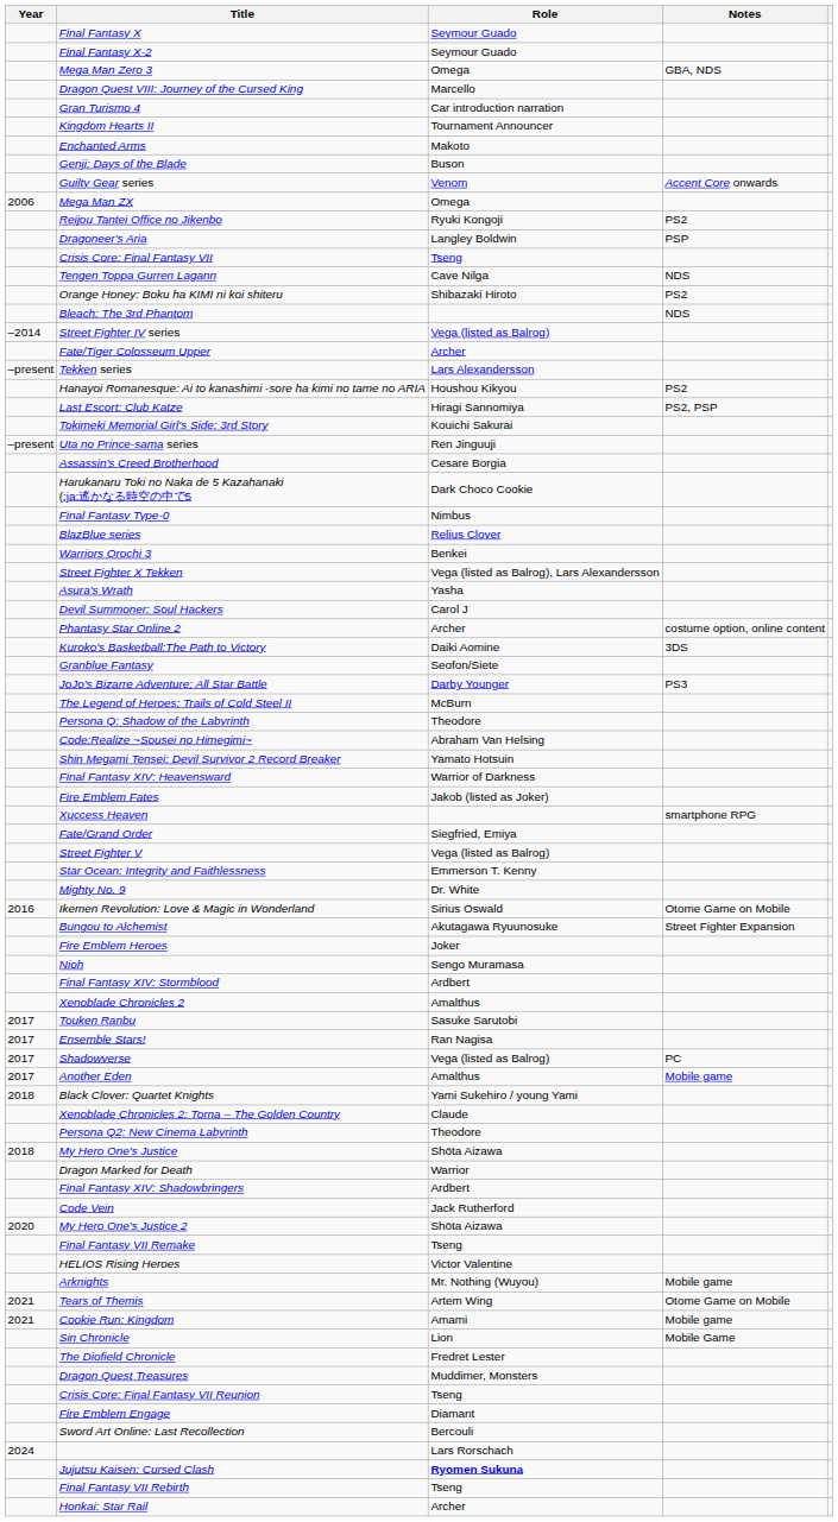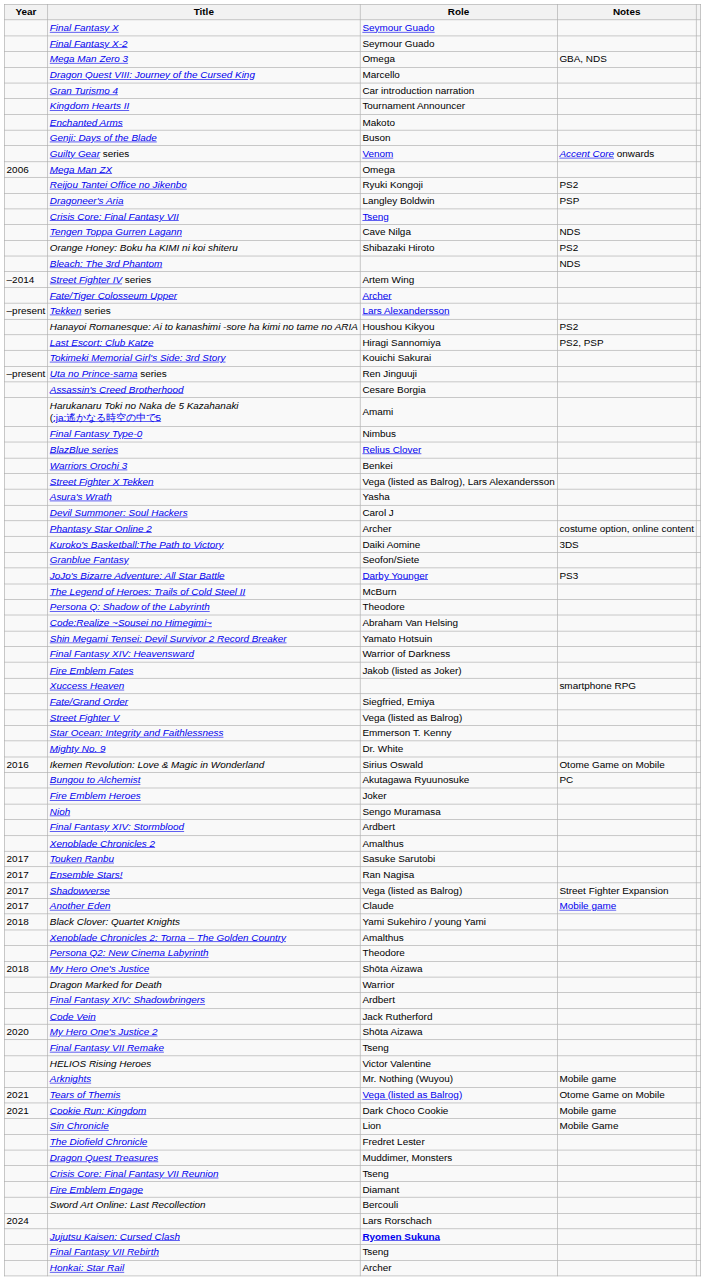 <table class="wikitable sortable plainrowheaders">
 <tr>
 <th>Year</th>
 <th>Title</th>
 <th>Role</th>
 <th class="unsortable">Notes</th>
 <th class="unsortable"><br></th>
 </tr>
 <tr>
 <td></td>
 <td><em><a href='#'>Final Fantasy X</a></em></td>
 <td><a href='#'>Seymour Guado</a> </td>
 <td></td>
 <td></td>
 </tr>
 <tr>
 <td></td>
 <td><em><a href='#'>Final Fantasy X-2</a></em></td>
 <td>Seymour Guado</td>
 <td></td>
 <td></td>
 </tr>
 <tr>
 <td></td>
 <td><em><a href='#'>Mega Man Zero 3</a></em></td>
 <td>Omega</td>
 <td>GBA, NDS</td>
 <td></td>
 </tr>
 <tr>
 <td></td>
 <td><em><a href='#'>Dragon Quest VIII: Journey of the Cursed King</a></em></td>
 <td>Marcello</td>
 <td></td>
 <td></td>
 </tr>
 <tr>
 <td></td>
 <td><em><a href='#'>Gran Turismo 4</a></em></td>
 <td>Car introduction narration</td>
 <td></td>
 <td></td>
 </tr>
 <tr>
 <td></td>
 <td><em><a href='#'>Kingdom Hearts II</a></em></td>
 <td>Tournament Announcer</td>
 <td></td>
 <td></td>
 </tr>
 <tr>
 <td></td>
 <td><em><a href='#'>Enchanted Arms</a></em></td>
 <td>Makoto</td>
 <td></td>
 <td></td>
 </tr>
 <tr>
 <td></td>
 <td><em><a href='#'>Genji: Days of the Blade</a></em></td>
 <td>Buson</td>
 <td></td>
 <td></td>
 </tr>
 <tr>
 <td></td>
 <td><em><a href='#'>Guilty Gear</a></em> series</td>
 <td><a href='#'>Venom</a></td>
 <td><em><a href='#'>Accent Core</a></em> onwards</td>
 <td></td>
 </tr>
 <tr>
 <td>2006</td>
 <td><em><a href='#'>Mega Man ZX</a></em></td>
 <td>Omega</td>
 <td></td>
 <td></td>
 </tr>
 <tr>
 <td></td>
 <td><em><a href='#'>Reijou Tantei Office no Jikenbo</a></em></td>
 <td>Ryuki Kongoji</td>
 <td>PS2</td>
 <td></td>
 </tr>
 <tr>
 <td></td>
 <td><em><a href='#'>Dragoneer's Aria</a></em></td>
 <td>Langley Boldwin</td>
 <td>PSP</td>
 <td></td>
 </tr>
 <tr>
 <td></td>
 <td><em><a href='#'>Crisis Core: Final Fantasy VII</a></em></td>
 <td><a href='#'>Tseng</a></td>
 <td></td>
 <td></td>
 </tr>
 <tr>
 <td></td>
 <td><em><a href='#'>Tengen Toppa Gurren Lagann</a></em></td>
 <td>Cave Nilga</td>
 <td>NDS</td>
 </tr>
 <tr>
 <td></td>
 <td><em>Orange Honey: Boku ha KIMI ni koi shiteru</em></td>
 <td>Shibazaki Hiroto</td>
 <td>PS2</td>
 <td></td>
 </tr>
 <tr>
 <td></td>
 <td><em><a href='#'>Bleach: The 3rd Phantom</a></em></td>
 <td></td>
 <td>NDS</td>
 <td></td>
 </tr>
 <tr>
 <td>–2014</td>
 <td><em><a href='#'>Street Fighter IV</a></em> series</td>
-<td><a href='#'>Vega (listed as Balrog)</a></td>
+<td>Artem Wing</td>
 <td></td>
 <td></td>
 </tr>
 <tr>
 <td></td>
 <td><em><a href='#'>Fate/Tiger Colosseum Upper</a></em></td>
 <td><a href='#'>Archer</a></td>
 <td></td>
 <td></td>
 </tr>
 <tr>
 <td>–present</td>
 <td><em><a href='#'>Tekken</a></em> series</td>
 <td><a href='#'>Lars Alexandersson</a></td>
 <td></td>
 <td></td>
 </tr>
 <tr>
 <td></td>
 <td><em>Hanayoi Romanesque: Ai to kanashimi -sore ha kimi no tame no ARIA</em></td>
 <td>Houshou Kikyou</td>
 <td>PS2</td>
 <td></td>
 </tr>
 <tr>
 <td></td>
 <td><em><a href='#'>Last Escort: Club Katze</a></em></td>
 <td>Hiragi Sannomiya</td>
 <td>PS2, PSP</td>
 <td></td>
 </tr>
 <tr>
 <td></td>
 <td><em><a href='#'>Tokimeki Memorial Girl's Side: 3rd Story</a></em></td>
 <td>Kouichi Sakurai</td>
 <td></td>
 <td></td>
 </tr>
 <tr>
 <td>–present</td>
 <td><em><a href='#'>Uta no Prince-sama</a></em> series</td>
 <td>Ren Jinguuji</td>
 <td></td>
 <td></td>
 </tr>
 <tr>
 <td></td>
 <td><em><a href='#'>Assassin's Creed Brotherhood</a></em></td>
 <td>Cesare Borgia</td>
 <td></td>
 <td></td>
 </tr>
 <tr>
 <td></td>
 <td><em>Harukanaru Toki no Naka de 5 Kazahanaki</em><br>(<a href='#'>:ja:遙かなる時空の中で5</a></td>
-<td>Dark Choco Cookie</td>
+<td>Amami</td>
 <td></td>
 <td></td>
 </tr>
 <tr>
 <td></td>
 <td><em><a href='#'>Final Fantasy Type-0</a></em></td>
 <td>Nimbus</td>
 <td></td>
 <td></td>
 </tr>
 <tr>
 <td></td>
 <td><em><a href='#'>BlazBlue series</a></em></td>
 <td><a href='#'>Relius Clover</a></td>
 <td></td>
 <td></td>
 </tr>
 <tr>
 <td></td>
 <td><em><a href='#'>Warriors Orochi 3</a></em></td>
 <td>Benkei</td>
 <td></td>
 <td></td>
 </tr>
 <tr>
 <td></td>
 <td><em><a href='#'>Street Fighter X Tekken</a></em></td>
 <td>Vega (listed as Balrog), Lars Alexandersson</td>
 <td></td>
 <td></td>
 </tr>
 <tr>
 <td></td>
 <td><em><a href='#'>Asura's Wrath</a></em></td>
 <td>Yasha</td>
 <td></td>
 <td></td>
 </tr>
 <tr>
 <td></td>
 <td><em><a href='#'>Devil Summoner: Soul Hackers</a></em></td>
 <td>Carol J</td>
 <td></td>
 <td><br></td>
 </tr>
 <tr>
 <td></td>
 <td><em><a href='#'>Phantasy Star Online 2</a></em></td>
 <td>Archer</td>
 <td>costume option, online content</td>
 <td></td>
 </tr>
 <tr>
 <td></td>
 <td><em><a href='#'>Kuroko's Basketball:The Path to Victory</a></em></td>
 <td>Daiki Aomine</td>
 <td>3DS</td>
 <td></td>
 </tr>
 <tr>
 <td></td>
 <td><em><a href='#'>Granblue Fantasy</a></em></td>
 <td>Seofon/Siete</td>
 <td></td>
 <td></td>
 </tr>
 <tr>
 <td></td>
 <td><em><a href='#'>JoJo's Bizarre Adventure: All Star Battle</a></em></td>
 <td><a href='#'>Darby Younger</a></td>
 <td>PS3</td>
 <td></td>
 </tr>
 <tr>
 <td></td>
 <td><em><a href='#'>The Legend of Heroes: Trails of Cold Steel II</a></em></td>
 <td>McBurn</td>
 <td></td>
 <td></td>
 </tr>
 <tr>
 <td></td>
 <td><em><a href='#'>Persona Q: Shadow of the Labyrinth</a></em></td>
 <td>Theodore</td>
 <td></td>
 <td></td>
 </tr>
 <tr>
 <td></td>
 <td><em><a href='#'>Code:Realize ~Sousei no Himegimi~</a></em></td>
 <td>Abraham Van Helsing</td>
 <td></td>
 <td></td>
 </tr>
 <tr>
 <td></td>
 <td><em><a href='#'>Shin Megami Tensei: Devil Survivor 2 Record Breaker</a></em></td>
 <td>Yamato Hotsuin</td>
 <td></td>
 <td></td>
 </tr>
 <tr>
 <td></td>
 <td><em><a href='#'>Final Fantasy XIV: Heavensward</a></em></td>
 <td>Warrior of Darkness</td>
 <td></td>
 <td></td>
 </tr>
 <tr>
 <td></td>
 <td><em><a href='#'>Fire Emblem Fates</a></em></td>
 <td>Jakob (listed as Joker)</td>
 <td></td>
 <td></td>
 </tr>
 <tr>
 <td></td>
 <td><em><a href='#'>Xuccess Heaven</a></em></td>
 <td></td>
 <td>smartphone RPG</td>
 <td></td>
 </tr>
 <tr>
 <td></td>
 <td><em><a href='#'>Fate/Grand Order</a></em></td>
 <td>Siegfried, Emiya</td>
 <td></td>
 <td></td>
 </tr>
 <tr>
 <td></td>
 <td><em><a href='#'>Street Fighter V</a></em></td>
 <td>Vega (listed as Balrog)</td>
 <td></td>
 <td></td>
 </tr>
 <tr>
 <td></td>
 <td><em><a href='#'>Star Ocean: Integrity and Faithlessness</a></em></td>
 <td>Emmerson T. Kenny</td>
 <td></td>
 <td></td>
 </tr>
 <tr>
 <td></td>
 <td><em><a href='#'>Mighty No. 9</a></em></td>
 <td>Dr. White</td>
 <td></td>
 <td></td>
 </tr>
 <tr>
 <td>2016</td>
 <td><em>Ikemen Revolution: Love & Magic in Wonderland</em></td>
 <td>Sirius Oswald</td>
 <td>Otome Game on Mobile</td>
 <td></td>
 </tr>
 <tr>
 <td></td>
 <td><em><a href='#'>Bungou to Alchemist</a></em></td>
 <td>Akutagawa Ryuunosuke</td>
-<td>Street Fighter Expansion</td>
+<td>PC</td>
 <td></td>
 </tr>
 <tr>
 <td></td>
 <td><em><a href='#'>Fire Emblem Heroes</a></em></td>
 <td>Joker</td>
 <td></td>
 <td></td>
 </tr>
 <tr>
 <td></td>
 <td><em><a href='#'>Nioh</a></em></td>
 <td>Sengo Muramasa</td>
 <td></td>
 <td></td>
 </tr>
 <tr>
 <td></td>
 <td><em><a href='#'>Final Fantasy XIV: Stormblood</a></em></td>
 <td>Ardbert</td>
 <td></td>
 <td></td>
 </tr>
 <tr>
 <td></td>
 <td><em><a href='#'>Xenoblade Chronicles 2</a></em></td>
 <td>Amalthus</td>
 <td></td>
 <td></td>
 </tr>
 <tr>
 <td>2017</td>
 <td><em><a href='#'>Touken Ranbu</a></em></td>
 <td>Sasuke Sarutobi</td>
 <td></td>
 <td></td>
 </tr>
 <tr>
 <td>2017</td>
 <td><em><a href='#'>Ensemble Stars!</a></em></td>
 <td>Ran Nagisa</td>
 <td></td>
 <td></td>
 </tr>
 <tr>
 <td>2017</td>
 <td><em><a href='#'>Shadowverse</a></em></td>
 <td>Vega (listed as Balrog)</td>
-<td>PC</td>
+<td>Street Fighter Expansion</td>
 <td></td>
 </tr>
 <tr>
 <td>2017</td>
 <td><em><a href='#'>Another Eden</a></em></td>
-<td>Amalthus</td>
+<td>Claude</td>
 <td><a href='#'>Mobile game</a></td>
 <td></td>
 </tr>
 <tr>
 <td>2018</td>
 <td><em>Black Clover: Quartet Knights</em></td>
 <td>Yami Sukehiro / young Yami</td>
 <td></td>
 <td></td>
 </tr>
 <tr>
 <td></td>
 <td><em><a href='#'>Xenoblade Chronicles 2: Torna – The Golden Country</a></em></td>
-<td>Claude</td>
+<td>Amalthus</td>
 <td></td>
 <td></td>
 </tr>
 <tr>
 <td></td>
 <td><em><a href='#'>Persona Q2: New Cinema Labyrinth</a></em></td>
 <td>Theodore</td>
 <td></td>
 <td></td>
 </tr>
 <tr>
 <td>2018</td>
 <td><em><a href='#'>My Hero One's Justice</a></em></td>
 <td>Shōta Aizawa</td>
 <td></td>
 <td></td>
 </tr>
 <tr>
 <td></td>
 <td><em>Dragon Marked for Death</em></td>
 <td>Warrior</td>
 <td></td>
 <td></td>
 </tr>
 <tr>
 <td></td>
 <td><em><a href='#'>Final Fantasy XIV: Shadowbringers</a></em></td>
 <td>Ardbert</td>
 <td></td>
 <td></td>
 </tr>
 <tr>
 <td></td>
 <td><em><a href='#'>Code Vein</a></em></td>
 <td>Jack Rutherford</td>
 <td></td>
 <td></td>
 </tr>
 <tr>
 <td>2020</td>
 <td><em><a href='#'>My Hero One's Justice 2</a></em></td>
 <td>Shōta Aizawa</td>
 <td></td>
 <td></td>
 </tr>
 <tr>
 <td></td>
 <td><em><a href='#'>Final Fantasy VII Remake</a></em></td>
 <td>Tseng</td>
 <td></td>
 <td></td>
 </tr>
 <tr>
 <td></td>
 <td><em>HELIOS Rising Heroes </em></td>
 <td>Victor Valentine</td>
 <td></td>
 <td></td>
 </tr>
 <tr>
 <td></td>
 <td><em><a href='#'>Arknights</a></em></td>
 <td>Mr. Nothing (Wuyou)</td>
 <td>Mobile game</td>
 <td></td>
 </tr>
 <tr>
 <td>2021</td>
 <td><em><a href='#'>Tears of Themis</a></em></td>
-<td>Artem Wing</td>
+<td><a href='#'>Vega (listed as Balrog)</a></td>
 <td>Otome Game on Mobile</td>
 <td></td>
 </tr>
 <tr>
 <td>2021</td>
 <td><em><a href='#'>Cookie Run: Kingdom</a></em></td>
-<td>Amami</td>
+<td>Dark Choco Cookie</td>
 <td>Mobile game</td>
 <td></td>
 </tr>
 <tr>
 <td></td>
 <td><em><a href='#'>Sin Chronicle</a></em></td>
 <td>Lion</td>
 <td>Mobile Game</td>
 <td></td>
 </tr>
 <tr>
 <td></td>
 <td><em><a href='#'>The Diofield Chronicle</a></em></td>
 <td>Fredret Lester</td>
 <td></td>
 <td></td>
 </tr>
 <tr>
 <td></td>
 <td><em><a href='#'>Dragon Quest Treasures</a></em></td>
 <td>Muddimer, Monsters</td>
 <td></td>
 <td></td>
 </tr>
 <tr>
 <td></td>
 <td><em><a href='#'>Crisis Core: Final Fantasy VII Reunion</a></em></td>
 <td>Tseng</td>
 <td></td>
 <td></td>
 </tr>
 <tr>
 <td></td>
 <td><em><a href='#'>Fire Emblem Engage</a></em></td>
 <td>Diamant</td>
 <td></td>
 <td></td>
 </tr>
 <tr>
 <td></td>
 <td><em>Sword Art Online: Last Recollection</em></td>
 <td>Bercouli</td>
 <td></td>
 <td></td>
 </tr>
 <tr>
 <td>2024</td>
 <td></td>
 <td>Lars Rorschach</td>
 <td></td>
 <td></td>
 </tr>
 <tr>
 <td></td>
 <td><em><a href='#'>Jujutsu Kaisen: Cursed Clash</a></em></td>
 <td><strong><a href='#'>Ryomen Sukuna</a></strong></td>
 <td></td>
 <td></td>
 </tr>
 <tr>
 <td></td>
 <td><em><a href='#'>Final Fantasy VII Rebirth</a></em></td>
 <td>Tseng</td>
 <td></td>
 <td></td>
 </tr>
 <tr>
 <td></td>
 <td><em><a href='#'>Honkai: Star Rail</a></em></td>
 <td>Archer</td>
 <td></td>
 <td></td>
 </tr>
 </table>
